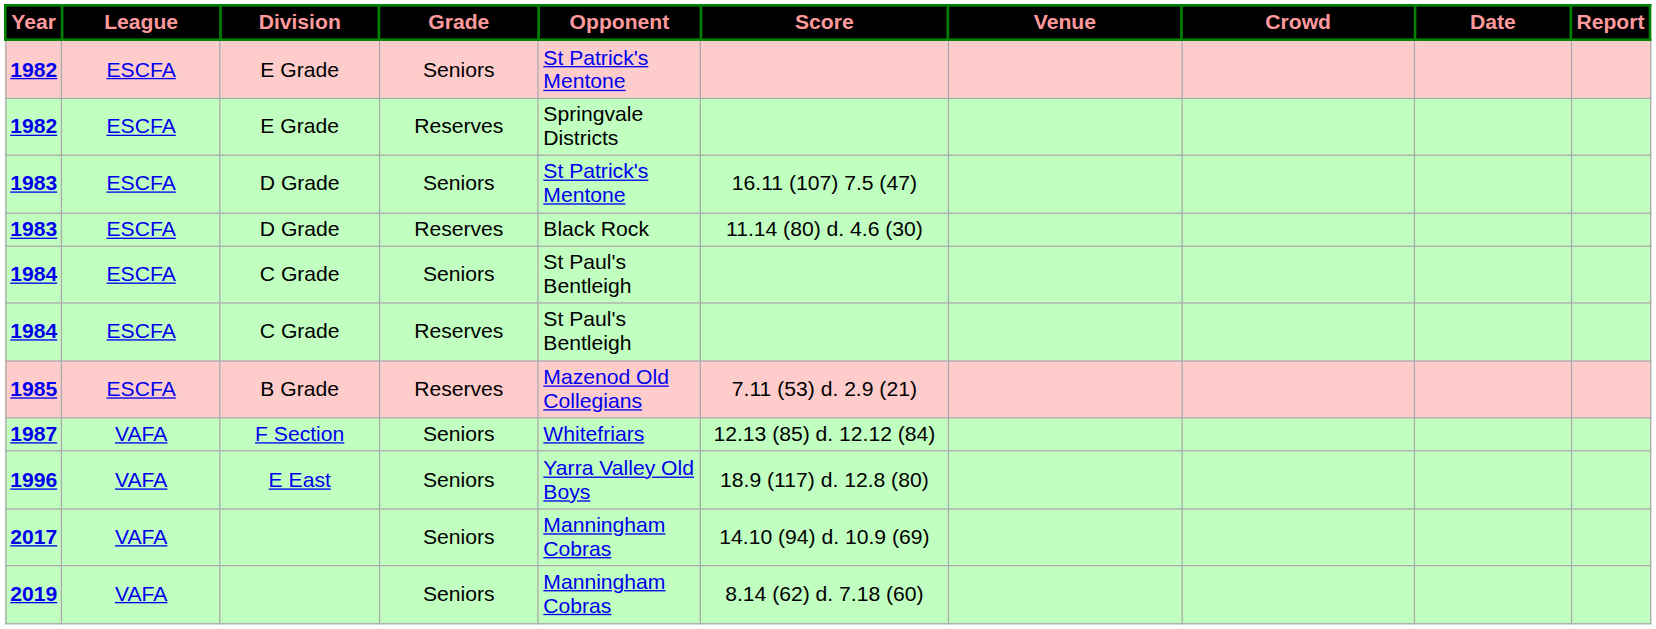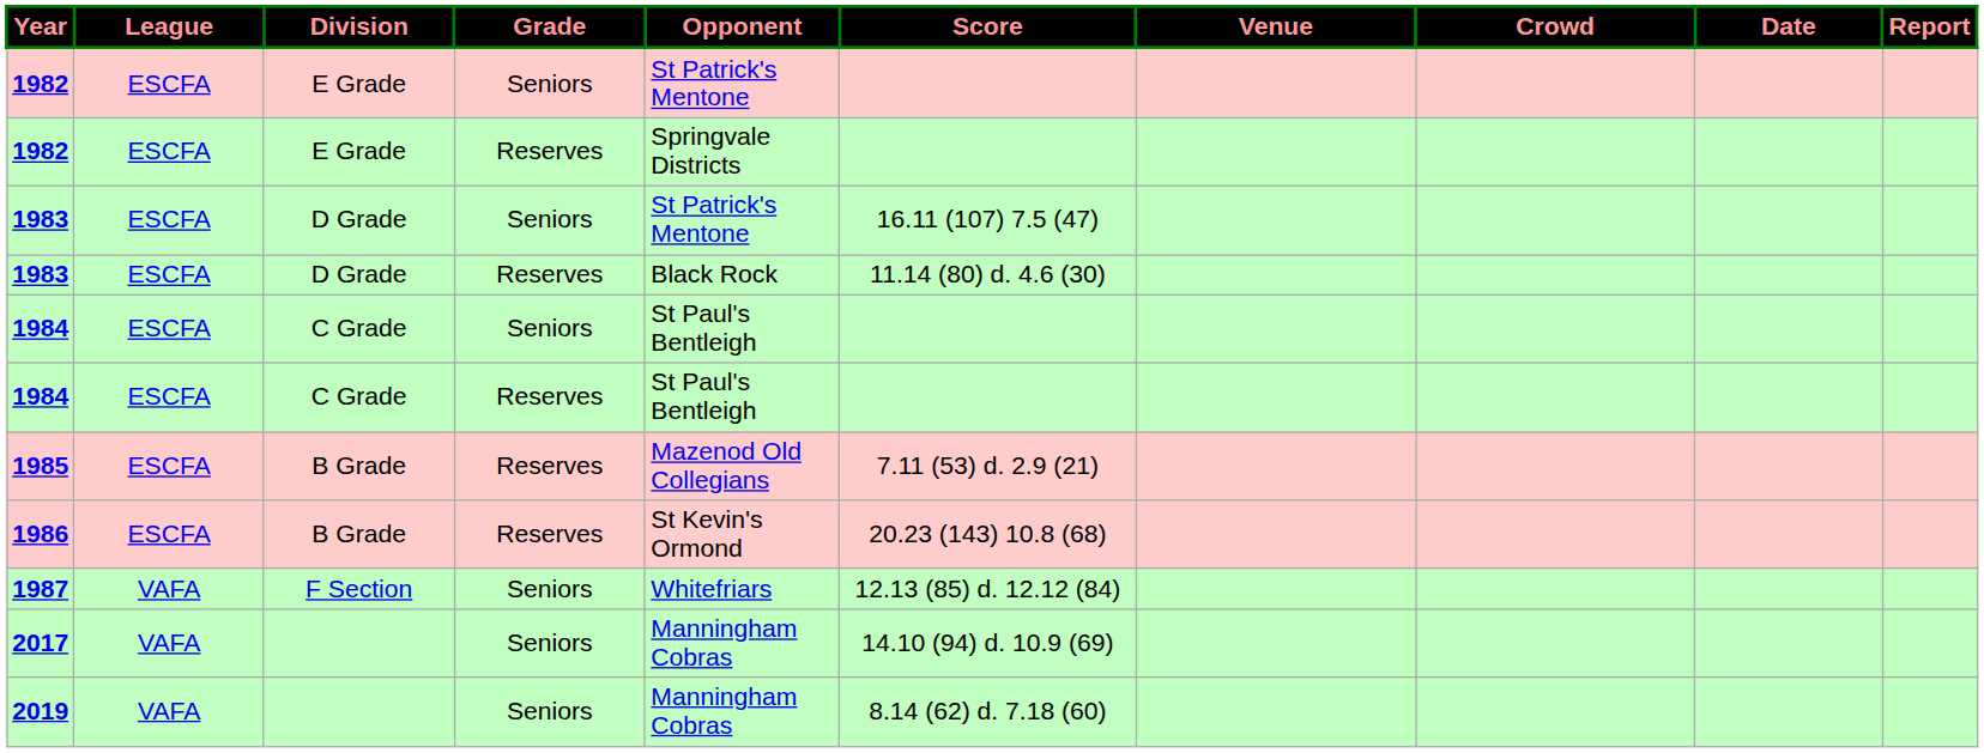 <table class="wikitable" style="text-align:center; text-valign:center">
 <tr>
 <th style="background:black; color:#FF999C; border:solid green 2px"; width=3%>Year</th>
 <th style="background:black; color:#FF999C; border:solid green 2px"; width=10%>League</th>
 <th style="background:black; color:#FF999C; border:solid green 2px"; width=10%>Division</th>
 <th style="background:black; color:#FF999C; border:solid green 2px"; width=10%>Grade</th>
 <th style="background:black; color:#FF999C; border:solid green 2px"; width=10%>Opponent</th>
 <th style="background:black; color:#FF999C; border:solid green 2px"; width=16%>Score</th>
 <th style="background:black; color:#FF999C; border:solid green 2px"; width=15%>Venue</th>
 <th style="background:black; color:#FF999C; border:solid green 2px"; width=15%>Crowd</th>
 <th style="background:black; color:#FF999C; border:solid green 2px"; width=10%>Date</th>
 <th style="background:black; color:#FF999C; border:solid green 2px"; width=2%>Report</th>
 </tr>
 <tr style="background:#fcc;">
 <td><strong><a href='#'>1982</a></strong></td>
 <td><a href='#'>ESCFA</a></td>
 <td>E Grade</td>
 <td>Seniors</td>
 <td align=left><a href='#'>St Patrick's Mentone</a></td>
 <td></td>
 <td align=left></td>
 <td></td>
 <td align=left></td>
 <td></td>
 </tr>
 <tr style="background:#C0FFC0;">
 <td><strong><a href='#'>1982</a></strong></td>
 <td><a href='#'>ESCFA</a></td>
 <td>E Grade</td>
 <td>Reserves</td>
 <td align=left>Springvale Districts</td>
 <td></td>
 <td align=left></td>
 <td></td>
 <td align=left></td>
 <td></td>
 </tr>
 <tr style="background:#C0FFC0;">
 <td><strong><a href='#'>1983</a></strong></td>
 <td><a href='#'>ESCFA</a></td>
 <td>D Grade</td>
 <td>Seniors</td>
 <td align=left><a href='#'>St Patrick's Mentone</a></td>
 <td>16.11 (107) 7.5 (47)</td>
 <td align=left></td>
 <td></td>
 <td align=left></td>
 <td></td>
 </tr>
 <tr style="background:#C0FFC0;">
 <td><strong><a href='#'>1983</a></strong></td>
 <td><a href='#'>ESCFA</a></td>
 <td>D Grade</td>
 <td>Reserves</td>
 <td align=left>Black Rock</td>
 <td>11.14 (80) d. 4.6 (30)</td>
 <td align=left></td>
 <td></td>
 <td align=left></td>
 <td></td>
 </tr>
 <tr style="background:#C0FFC0;">
 <td><strong><a href='#'>1984</a></strong></td>
 <td><a href='#'>ESCFA</a></td>
 <td>C Grade</td>
 <td>Seniors</td>
 <td align=left>St Paul's Bentleigh</td>
 <td></td>
 <td align=left></td>
 <td></td>
 <td align=left></td>
 <td></td>
 </tr>
 <tr style="background:#C0FFC0;">
 <td><strong><a href='#'>1984</a></strong></td>
 <td><a href='#'>ESCFA</a></td>
 <td>C Grade</td>
 <td>Reserves</td>
 <td align=left>St Paul's Bentleigh</td>
 <td></td>
 <td align=left></td>
 <td></td>
 <td align=left></td>
 <td></td>
 </tr>
 <tr style="background:#fcc;">
 <td><strong><a href='#'>1985</a></strong></td>
 <td><a href='#'>ESCFA</a></td>
 <td>B Grade</td>
 <td>Reserves</td>
 <td align=left><a href='#'>Mazenod Old Collegians</a></td>
 <td>7.11 (53) d. 2.9 (21)</td>
 <td align=left></td>
 <td></td>
 <td align=left></td>
 <td></td>
 </tr>
+<tr style="background:#fcc;">
+<td><strong><a href='#'>1986</a></strong></td>
+<td><a href='#'>ESCFA</a></td>
+<td>B Grade</td>
+<td>Reserves</td>
+<td align=left>St Kevin's Ormond</td>
+<td>20.23 (143) 10.8 (68)</td>
+<td align=left></td>
+<td></td>
+<td align=left></td>
+<td></td>
+</tr>
 <tr style="background:#C0FFC0;">
 <td><strong><a href='#'>1987</a></strong></td>
 <td><a href='#'>VAFA</a></td>
 <td><a href='#'>F Section</a></td>
 <td>Seniors</td>
 <td align=left><a href='#'>Whitefriars</a></td>
 <td>12.13 (85) d. 12.12 (84)</td>
-<td align=left></td>
-<td></td>
-<td align=left></td>
-<td></td>
-</tr>
-<tr style="background:#C0FFC0;">
-<td><strong><a href='#'>1996</a></strong></td>
-<td><a href='#'>VAFA</a></td>
-<td><a href='#'>E East</a></td>
-<td>Seniors</td>
-<td align=left><a href='#'>Yarra Valley Old Boys</a></td>
-<td>18.9 (117) d. 12.8 (80)</td>
 <td align=left></td>
 <td></td>
 <td align=left></td>
 <td></td>
 </tr>
 <tr style="background:#C0FFC0;">
 <td><strong><a href='#'>2017</a></strong></td>
 <td><a href='#'>VAFA</a></td>
 <td></td>
 <td>Seniors</td>
 <td align=left><a href='#'>Manningham Cobras</a></td>
 <td>14.10 (94) d. 10.9 (69)</td>
 <td align=left></td>
 <td></td>
 <td align=left></td>
 <td></td>
 </tr>
 <tr style="background:#C0FFC0;">
 <td><strong><a href='#'>2019</a></strong></td>
 <td><a href='#'>VAFA</a></td>
 <td></td>
 <td>Seniors</td>
 <td align=left><a href='#'>Manningham Cobras</a></td>
 <td>8.14 (62) d. 7.18 (60)</td>
 <td align=left></td>
 <td></td>
 <td align=left></td>
 <td></td>
 </tr>
 </table>
